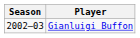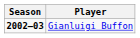 <table class="wikitable">
 <tr>
 <th>Season</th>
 <th>Player</th>
 </tr>
 <tr>
-<td>2002–03</td>
+<td><strong>2002–03</strong></td>
 <td> <a href='#'>Gianluigi Buffon</a></td>
 </tr>
 </table>
